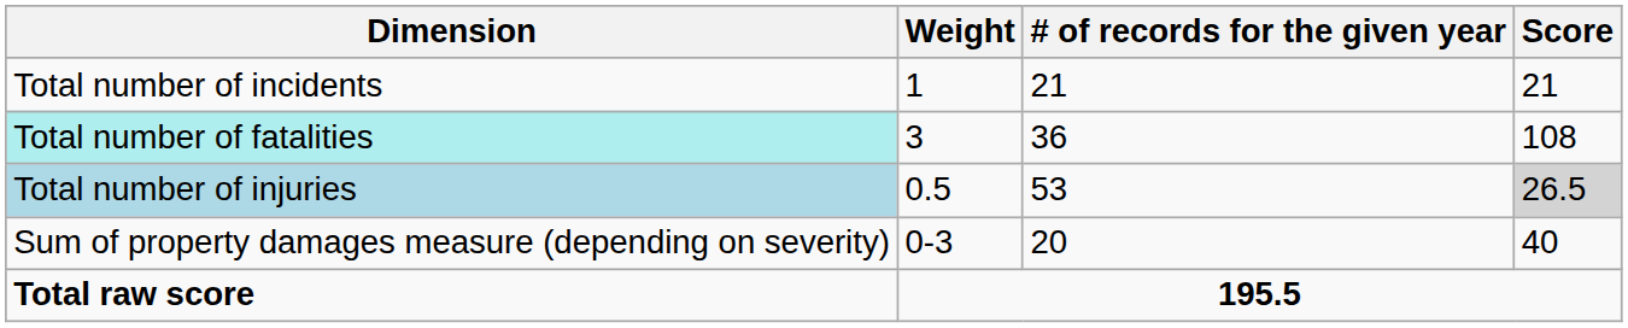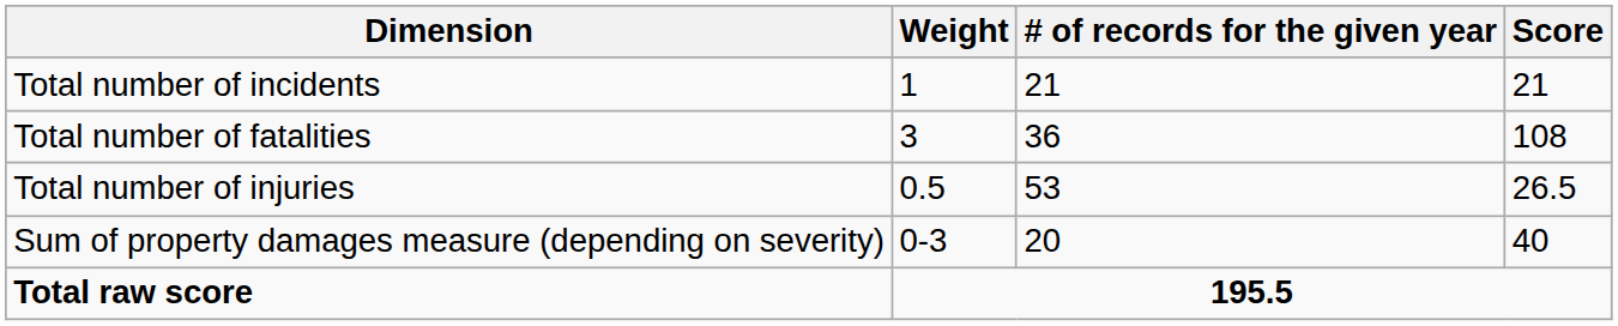 <table class="wikitable">
 <tr>
 <th>Dimension</th>
 <th>Weight</th>
 <th># of records for the given year</th>
 <th>Score</th>
 </tr>
 <tr>
 <td>Total number of incidents</td>
 <td>1</td>
 <td>21</td>
 <td>21</td>
 </tr>
 <tr>
-<td style="background: paleturquoise;">Total number of fatalities</td>
+<td>Total number of fatalities</td>
 <td>3</td>
 <td>36</td>
 <td>108</td>
 </tr>
 <tr>
-<td style="background: lightblue;">Total number of injuries</td>
+<td>Total number of injuries</td>
 <td>0.5</td>
 <td>53</td>
-<td style="background: lightgrey;">26.5</td>
+<td>26.5</td>
 </tr>
 <tr>
 <td>Sum of property damages measure (depending on severity)</td>
 <td>0-3</td>
 <td>20</td>
 <td>40</td>
 </tr>
 <tr>
 <td><strong>Total raw score</strong></td>
 <td colspan="3" style="text-align: center;"><strong>195.5</strong></td>
 </tr>
 </table>
